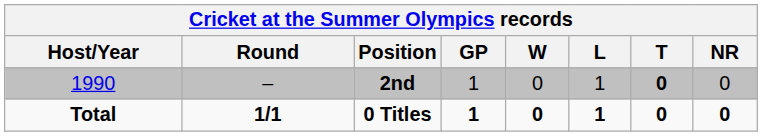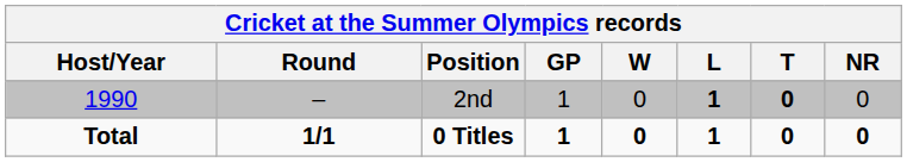 <table class="wikitable" style="text-align: center;">
 <tr>
 <th colspan=8><a href='#'>Cricket at the Summer Olympics</a> records</th>
 </tr>
 <tr>
 <th width=150>Host/Year</th>
 <th width=150>Round</th>
 <th width=50>Position</th>
 <th width=50>GP</th>
 <th width=50>W</th>
 <th width=50>L</th>
 <th width=50>T</th>
 <th width=50>NR</th>
 </tr>
 <tr bgcolor=silver>
 <td> <a href='#'>1990</a></td>
 <td>–</td>
-<td><strong>2nd</strong></td>
+<td>2nd</td>
 <td>1</td>
 <td>0</td>
-<td>1</td>
+<td><strong>1</strong></td>
 <td><strong>0</strong></td>
 <td>0</td>
 </tr>
 <tr>
 <td><strong>Total</strong></td>
 <td><strong>1/1</strong></td>
 <td><strong>0 Titles</strong></td>
 <td><strong>1</strong></td>
 <td><strong>0</strong></td>
 <td><strong>1</strong></td>
 <td><strong>0</strong></td>
 <td><strong>0</strong></td>
 </tr>
 </table>
